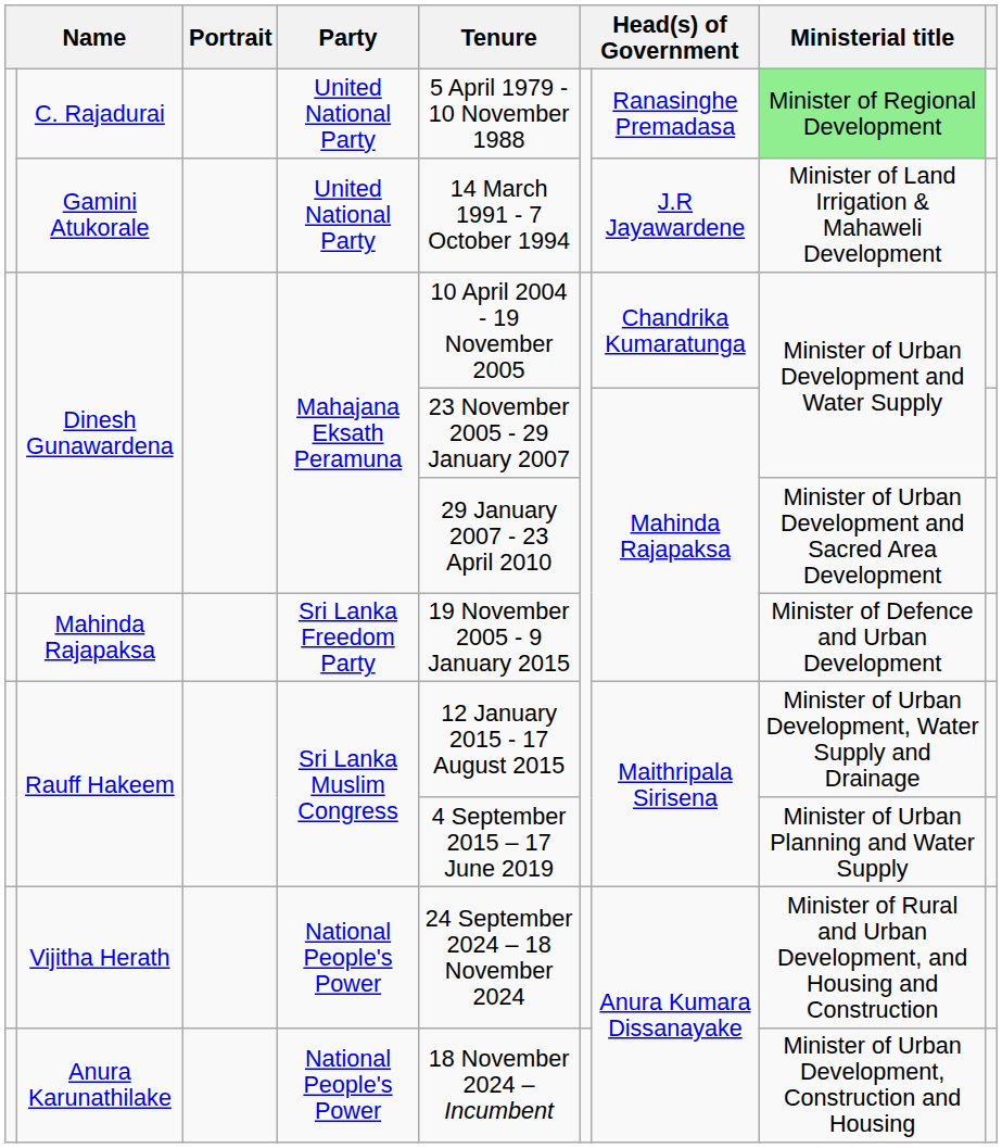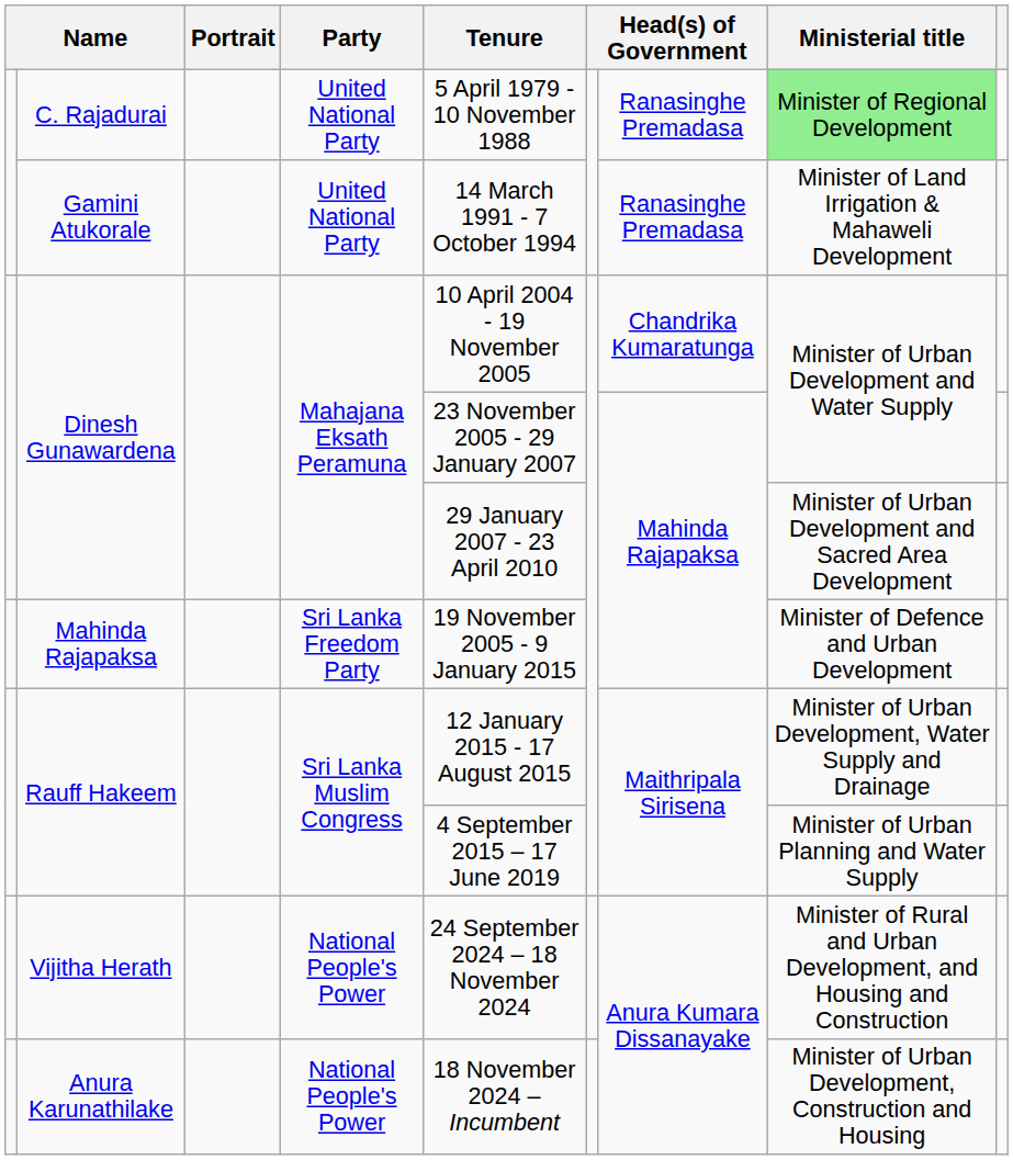 <table class="wikitable" style="font-size:90%; text-align:center;">
 <tr>
 <th colspan="2">Name</th>
 <th>Portrait</th>
 <th>Party</th>
 <th>Tenure</th>
 <th colspan="2">Head(s) of Government</th>
 <th>Ministerial title</th>
 <th></th>
 </tr>
 <tr>
 <td rowspan="2" !align="center" style="background:"></td>
 <td><a href='#'>C. Rajadurai</a></td>
 <td></td>
 <td><a href='#'>United National Party</a></td>
 <td>5 April 1979 - 10 November 1988</td>
 <td rowspan="2" !align="center" style="background:"></td>
 <td><a href='#'>Ranasinghe Premadasa</a></td>
 <td style="background: lightgreen;">Minister of Regional Development</td>
 <td></td>
 </tr>
 <tr>
 <td><a href='#'>Gamini Atukorale</a></td>
 <td></td>
 <td><a href='#'>United National Party</a></td>
 <td>14 March 1991 -  7 October 1994</td>
-<td><a href='#'>J.R Jayawardene</a></td>
+<td><a href='#'>Ranasinghe Premadasa</a></td>
 <td>Minister of Land Irrigation & Mahaweli Development</td>
 <td></td>
 </tr>
 <tr>
 <td rowspan=3 !align="center" style="background:"></td>
 <td rowspan=3><a href='#'>Dinesh Gunawardena</a></td>
 <td rowspan=3></td>
 <td rowspan=3><a href='#'>Mahajana Eksath Peramuna</a></td>
 <td>10 April 2004 -  19 November 2005</td>
 <td rowspan=6 !align="center" style="background:"></td>
 <td><a href='#'>Chandrika Kumaratunga</a></td>
 <td rowspan=2>Minister of Urban Development and Water Supply</td>
 <td></td>
 </tr>
 <tr>
 <td>23 November 2005 - 29 January 2007</td>
 <td rowspan=3><a href='#'>Mahinda Rajapaksa</a></td>
 <td></td>
 </tr>
 <tr>
 <td>29 January 2007 - 23 April 2010</td>
 <td>Minister of Urban Development and Sacred Area Development</td>
 <td></td>
 </tr>
 <tr>
 <td !align="center" style="background:"></td>
 <td><a href='#'>Mahinda Rajapaksa</a></td>
 <td></td>
 <td><a href='#'>Sri Lanka Freedom Party</a></td>
 <td>19 November 2005 -  9 January 2015</td>
 <td>Minister of Defence and Urban Development</td>
 <td></td>
 </tr>
 <tr>
 <td rowspan="2" !align="center" style="background:"></td>
 <td rowspan="2"><a href='#'>Rauff Hakeem</a></td>
 <td rowspan="2"></td>
 <td rowspan="2"><a href='#'>Sri Lanka Muslim Congress</a></td>
 <td>12 January 2015 -  17 August 2015</td>
 <td rowspan=2><a href='#'>Maithripala Sirisena</a></td>
 <td>Minister of Urban Development, Water Supply and Drainage</td>
 <td></td>
 </tr>
 <tr>
 <td>4 September 2015 – 17 June 2019</td>
 <td>Minister of Urban Planning and Water Supply</td>
 <td></td>
 </tr>
 <tr>
 <td !align="center" style="background:"></td>
 <td><a href='#'>Vijitha Herath</a></td>
 <td></td>
 <td><a href='#'>National People's Power</a></td>
 <td>24 September 2024  – 18 November 2024</td>
 <td></td>
 <td rowspan="2"><a href='#'>Anura Kumara Dissanayake</a></td>
 <td>Minister of Rural and Urban Development, and Housing and Construction</td>
 <td></td>
 </tr>
 <tr>
 <td !align="center" style="background:"></td>
 <td><a href='#'>Anura Karunathilake</a></td>
 <td></td>
 <td><a href='#'>National People's Power</a></td>
 <td>18 November 2024 – <em>Incumbent</em></td>
 <td !align="center" style="background:"></td>
 <td>Minister of Urban Development, Construction and Housing</td>
 <td></td>
 </tr>
 </table>
